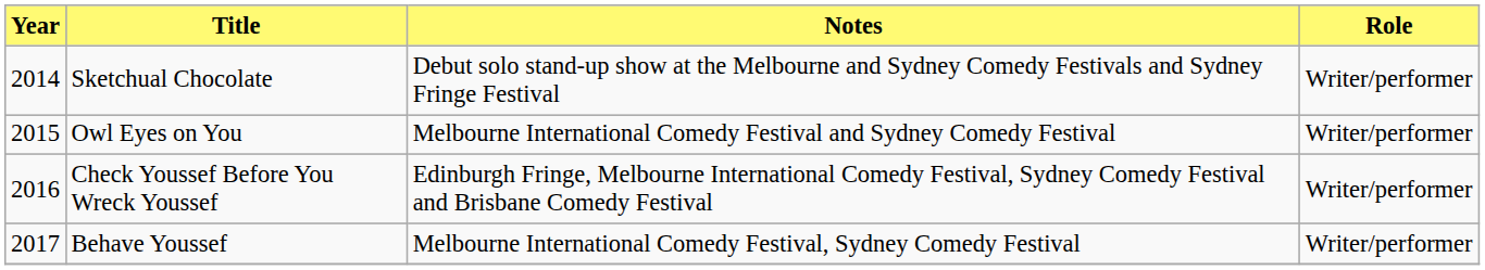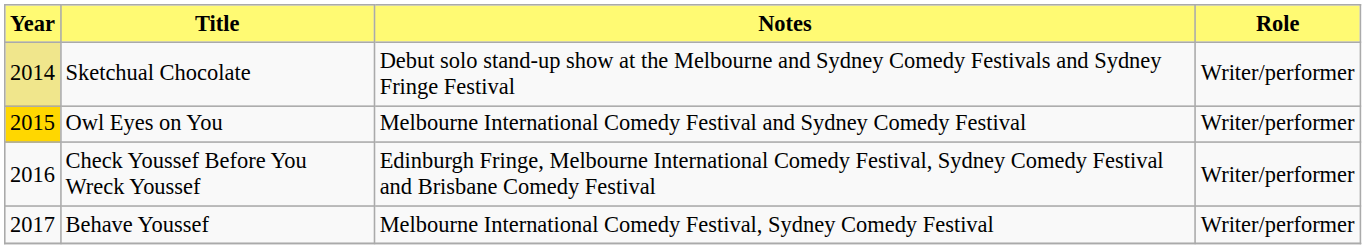 <table class="wikitable" style="font-size:90%;">
 <tr>
 <th style="background: #fffa73;">Year</th>
 <th style="background: #fffa73;">Title</th>
 <th style="background: #fffa73;">Notes</th>
 <th style="background: #fffa73;">Role</th>
 </tr>
 <tr>
-<td>2014</td>
+<td style="background: khaki;">2014</td>
 <td>Sketchual Chocolate</td>
 <td>Debut solo stand-up show at the Melbourne and Sydney Comedy Festivals and Sydney Fringe Festival</td>
 <td>Writer/performer</td>
 </tr>
 <tr>
-<td>2015</td>
+<td style="background: gold;">2015</td>
 <td>Owl Eyes on You</td>
 <td>Melbourne International Comedy Festival and Sydney Comedy Festival</td>
 <td>Writer/performer</td>
 </tr>
 <tr>
 <td>2016</td>
 <td>Check Youssef Before You Wreck Youssef</td>
 <td>Edinburgh Fringe, Melbourne International Comedy Festival, Sydney Comedy Festival and Brisbane Comedy Festival</td>
 <td>Writer/performer</td>
 </tr>
 <tr>
 <td>2017</td>
 <td>Behave Youssef</td>
 <td>Melbourne International Comedy Festival, Sydney Comedy Festival</td>
 <td>Writer/performer</td>
 </tr>
 <tr>
 </tr>
 </table>
